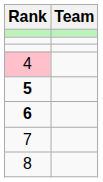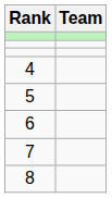 <table class=wikitable style="text-align:center;">
 <tr>
 <th>Rank</th>
 <th>Team</th>
 </tr>
 <tr bgcolor=bbf3bb>
 <td></td>
 <td align=left></td>
 </tr>
 <tr>
 <td></td>
 <td align=left></td>
 </tr>
 <tr>
 <td></td>
 <td align=left></td>
 </tr>
 <tr>
-<td style="background: pink;">4</td>
+<td>4</td>
 <td align=left></td>
 </tr>
 <tr>
-<td><strong>5</strong></td>
+<td>5</td>
 <td align=left></td>
 </tr>
 <tr>
-<td><strong>6</strong></td>
+<td>6</td>
 <td align=left></td>
 </tr>
 <tr>
 <td>7</td>
 <td align=left></td>
 </tr>
 <tr>
 <td>8</td>
 <td align=left></td>
 </tr>
 </table>
